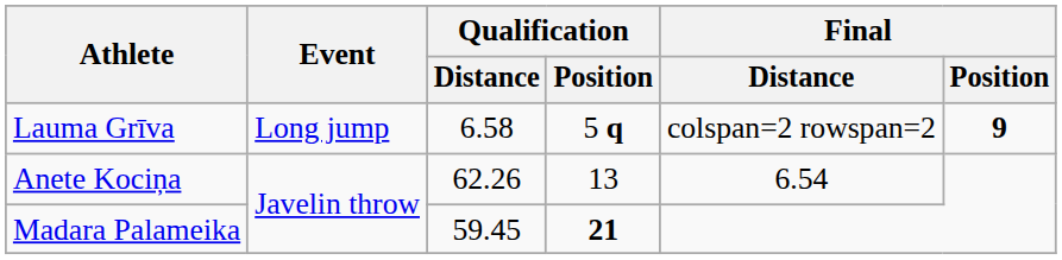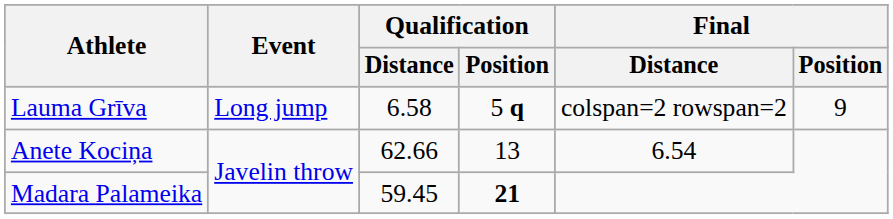 <table class=wikitable style="font-size:90%">
 <tr>
 <th rowspan="2">Athlete</th>
 <th rowspan="2">Event</th>
 <th colspan="2">Qualification</th>
 <th colspan="2">Final</th>
 </tr>
 <tr style="font-size:95%">
 <th>Distance</th>
 <th>Position</th>
 <th>Distance</th>
 <th>Position</th>
 </tr>
 <tr style=text-align:center>
 <td style=text-align:left><a href='#'>Lauma Grīva</a></td>
 <td style=text-align:left><a href='#'>Long jump</a></td>
 <td>6.58</td>
 <td>5 <strong>q</strong></td>
 <td>colspan=2 rowspan=2 </td>
-<td><strong>9</strong></td>
+<td>9</td>
 </tr>
 <tr style=text-align:center>
 <td style=text-align:left><a href='#'>Anete Kociņa</a></td>
 <td style=text-align:left rowspan=2><a href='#'>Javelin throw</a></td>
-<td>62.26</td>
+<td>62.66</td>
 <td>13</td>
 <td>6.54</td>
 </tr>
 <tr style=text-align:center>
 <td style=text-align:left><a href='#'>Madara Palameika</a></td>
 <td>59.45</td>
 <td><strong>21</strong></td>
 </tr>
 </table>
